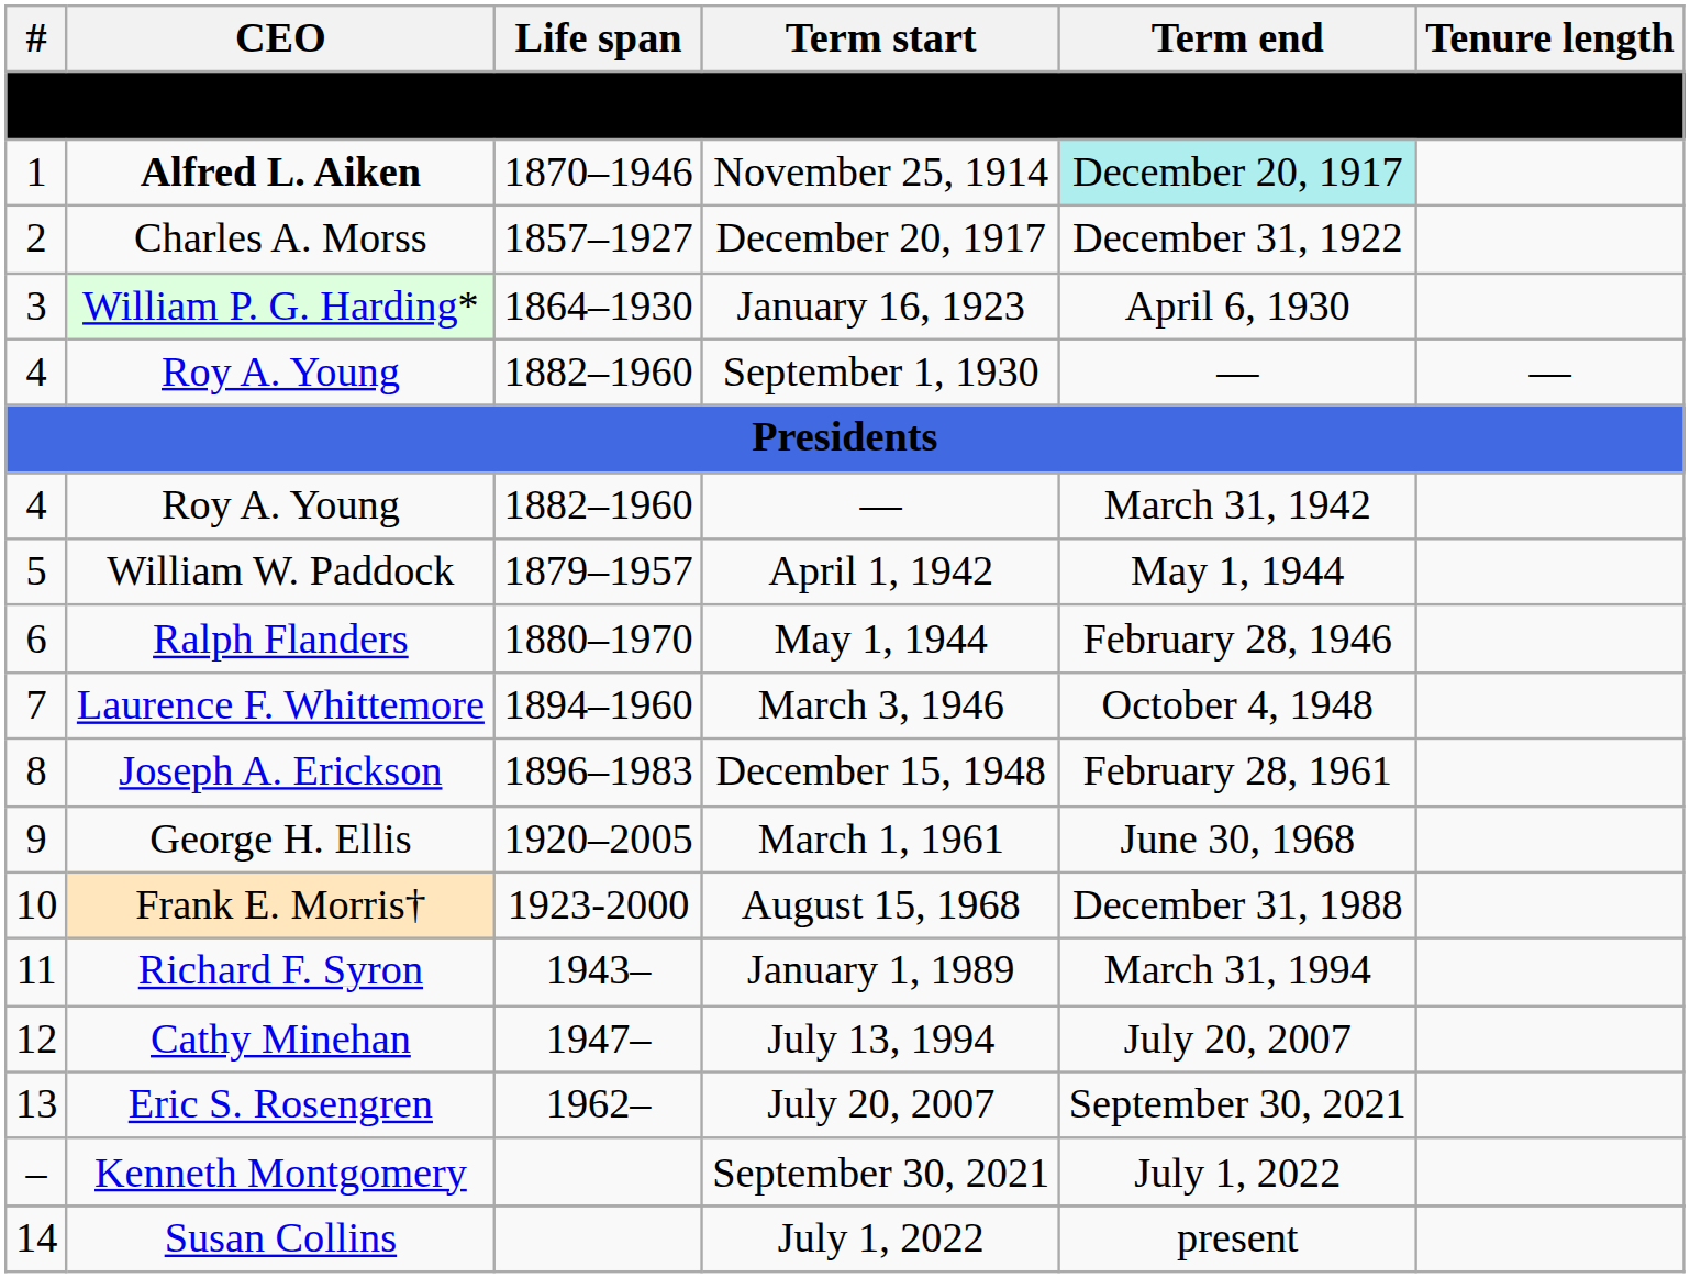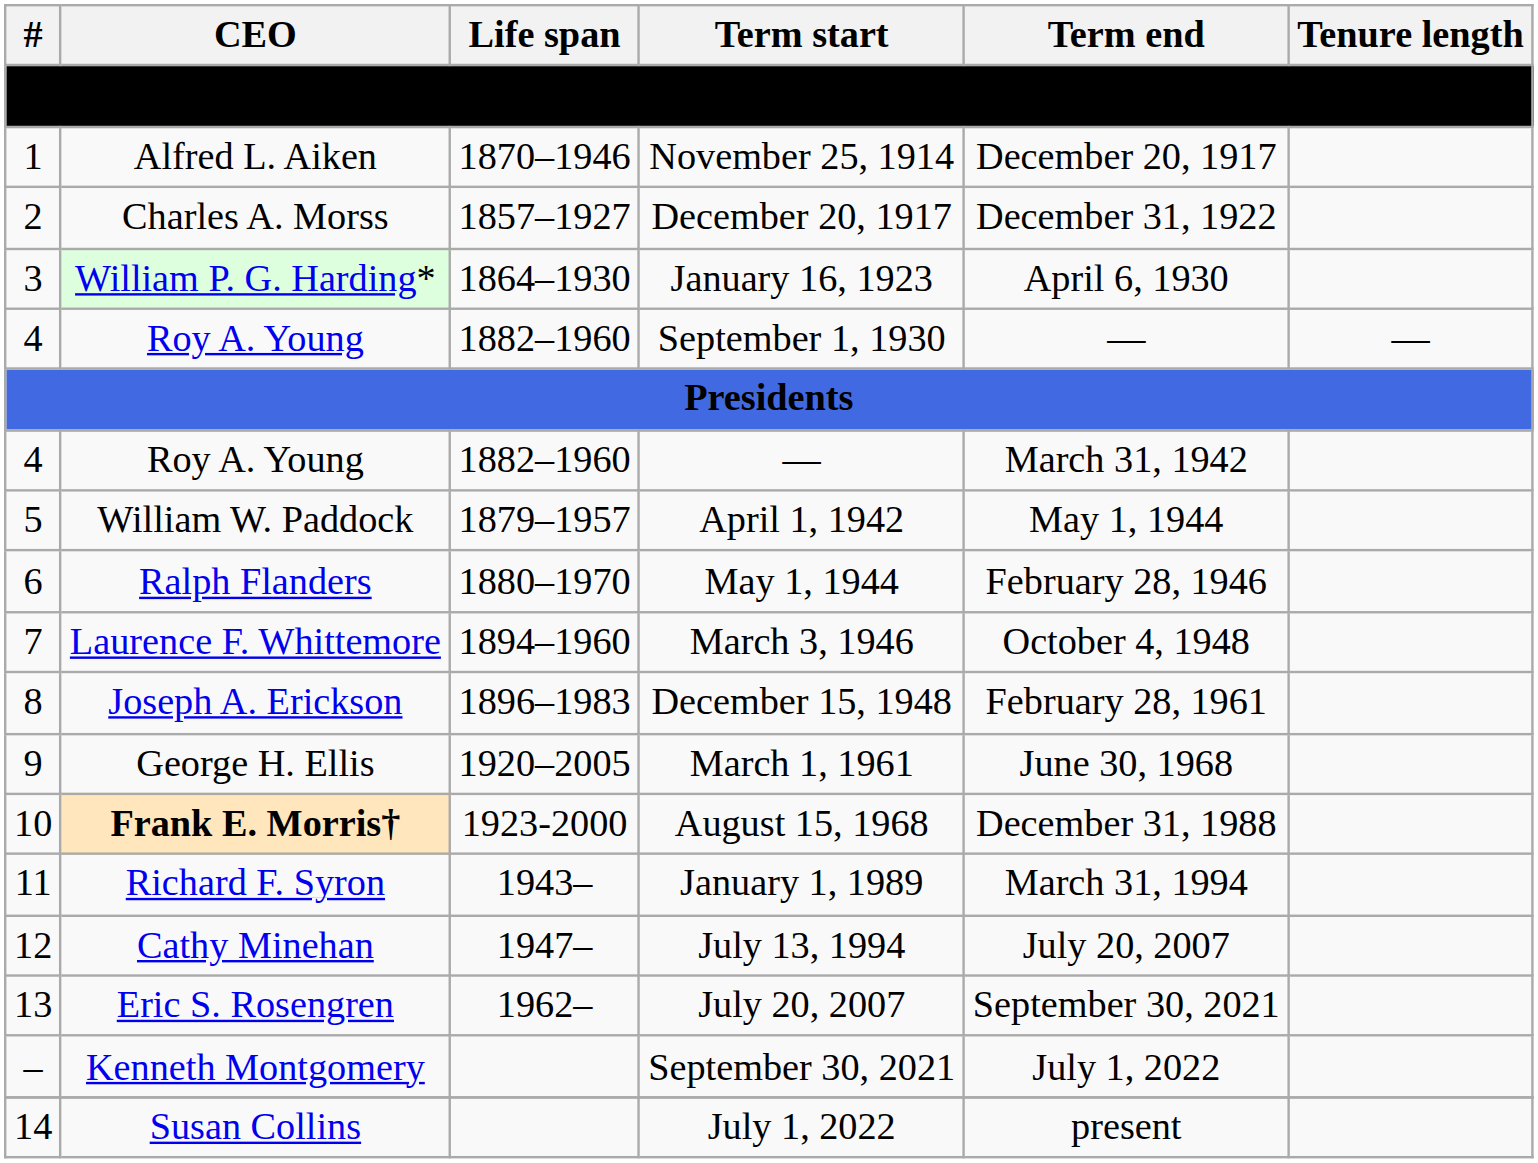 <table class="wikitable" style="text-align:center">
 <tr>
 <th>#</th>
 <th>CEO</th>
 <th>Life span</th>
 <th>Term start</th>
 <th>Term end</th>
 <th>Tenure length</th>
 </tr>
 <tr>
 <td align="center" Colspan="18" style="background: #000000"><strong><span>Governors</span></strong></td>
 </tr>
 <tr>
 <td>1</td>
-<td><strong>Alfred L. Aiken</strong></td>
+<td>Alfred L. Aiken</td>
 <td>1870–1946</td>
 <td>November 25, 1914</td>
-<td style="background: paleturquoise;">December 20, 1917</td>
+<td>December 20, 1917</td>
 <td></td>
 </tr>
 <tr>
 <td>2</td>
 <td>Charles A. Morss</td>
 <td>1857–1927</td>
 <td>December 20, 1917</td>
 <td>December 31, 1922</td>
 <td></td>
 </tr>
 <tr>
 <td>3</td>
 <td bgcolor="#ddffdd"><a href='#'>William P. G. Harding</a>*</td>
 <td>1864–1930</td>
 <td>January 16, 1923</td>
 <td>April 6, 1930</td>
 <td></td>
 </tr>
 <tr>
 <td>4</td>
 <td><a href='#'>Roy A. Young</a></td>
 <td>1882–1960</td>
 <td>September 1, 1930</td>
 <td align="center">—</td>
 <td align="center">—</td>
 </tr>
 <tr>
 <td align="center" Colspan="18" style="background: #4169E1"><strong><span>Presidents</span></strong></td>
 </tr>
 <tr>
 <td>4</td>
 <td>Roy A. Young</td>
 <td>1882–1960</td>
 <td align="center">—</td>
 <td>March 31, 1942</td>
 <td></td>
 </tr>
 <tr>
 <td>5</td>
 <td>William W. Paddock</td>
 <td>1879–1957</td>
 <td>April 1, 1942</td>
 <td>May 1, 1944</td>
 <td></td>
 </tr>
 <tr>
 <td>6</td>
 <td><a href='#'>Ralph Flanders</a></td>
 <td>1880–1970</td>
 <td>May 1, 1944</td>
 <td>February 28, 1946</td>
 <td></td>
 </tr>
 <tr>
 <td>7</td>
 <td><a href='#'>Laurence F. Whittemore</a></td>
 <td>1894–1960</td>
 <td>March 3, 1946</td>
 <td>October 4, 1948</td>
 <td></td>
 </tr>
 <tr>
 <td>8</td>
 <td><a href='#'>Joseph A. Erickson</a></td>
 <td>1896–1983</td>
 <td>December 15, 1948</td>
 <td>February 28, 1961</td>
 <td></td>
 </tr>
 <tr>
 <td>9</td>
 <td>George H. Ellis</td>
 <td>1920–2005</td>
 <td>March 1, 1961</td>
 <td>June 30, 1968</td>
 <td></td>
 </tr>
 <tr>
 <td>10</td>
-<td bgcolor=#FFE6BD>Frank E. Morris†</td>
+<td bgcolor=#FFE6BD><strong>Frank E. Morris†</strong></td>
 <td>1923-2000</td>
 <td>August 15, 1968</td>
 <td>December 31, 1988</td>
 <td></td>
 </tr>
 <tr>
 <td>11</td>
 <td><a href='#'>Richard F. Syron</a></td>
 <td>1943–</td>
 <td>January 1, 1989</td>
 <td>March 31, 1994</td>
 <td></td>
 </tr>
 <tr>
 <td>12</td>
 <td><a href='#'>Cathy Minehan</a></td>
 <td>1947–</td>
 <td>July 13, 1994</td>
 <td>July 20, 2007</td>
 <td></td>
 </tr>
 <tr>
 <td>13</td>
 <td><a href='#'>Eric S. Rosengren</a></td>
 <td>1962–</td>
 <td>July 20, 2007</td>
 <td>September 30, 2021</td>
 <td></td>
 </tr>
 <tr>
 <td>–</td>
 <td><a href='#'>Kenneth Montgomery</a><br></td>
 <td></td>
 <td>September 30, 2021</td>
 <td>July 1, 2022</td>
 <td></td>
 </tr>
 <tr>
 </tr>
 <tr>
 <td>14</td>
 <td><a href='#'>Susan Collins</a></td>
 <td></td>
 <td>July 1, 2022</td>
 <td>present</td>
 <td></td>
 </tr>
 </table>
